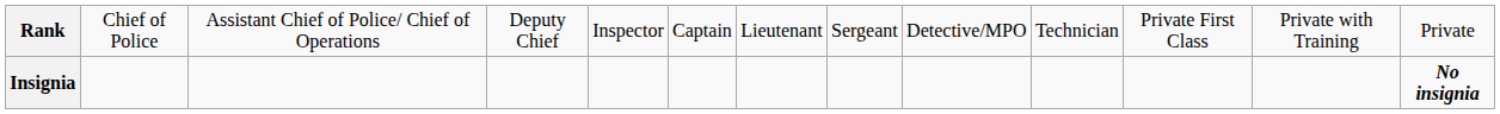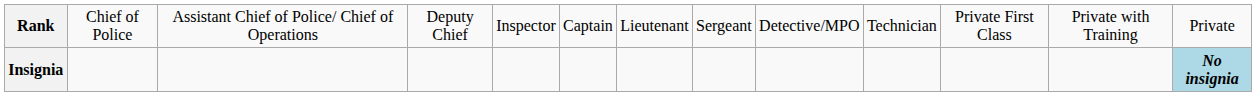 <table class="wikitable">
 <tr style="text-align:center;">
 <th>Rank</th>
 <td>Chief of Police</td>
 <td>Assistant Chief of Police/ Chief of Operations</td>
 <td>Deputy Chief</td>
 <td>Inspector</td>
 <td>Captain</td>
 <td>Lieutenant</td>
 <td>Sergeant</td>
 <td>Detective/MPO</td>
 <td>Technician</td>
 <td>Private First Class</td>
 <td>Private with Training</td>
 <td>Private</td>
 </tr>
 <tr style="text-align:center;">
 <th>Insignia</th>
 <td></td>
 <td></td>
 <td></td>
 <td></td>
 <td></td>
 <td></td>
 <td></td>
 <td></td>
 <td></td>
 <td></td>
 <td></td>
-<td><strong><em>No insignia</em></strong></td>
+<td style="background: lightblue;"><strong><em>No insignia</em></strong></td>
 </tr>
 </table>
